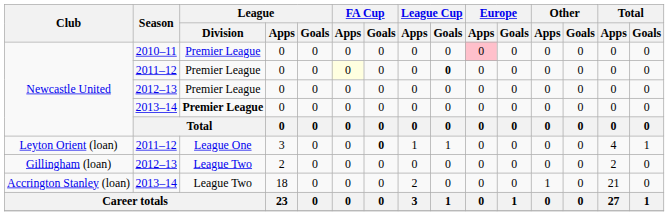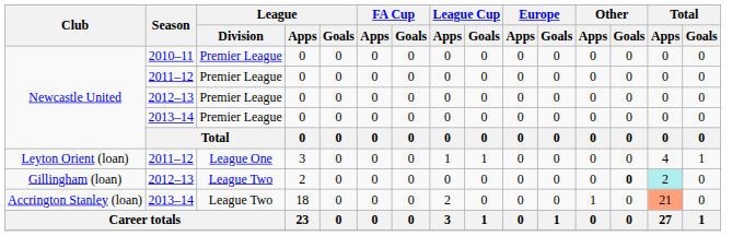 <table class="wikitable" style="text-align: center;">
 <tr>
 <th rowspan="2">Club</th>
 <th rowspan="2">Season</th>
 <th colspan="3">League</th>
 <th colspan="2"><a href='#'>FA Cup</a></th>
 <th colspan="2"><a href='#'>League Cup</a></th>
 <th colspan="2"><a href='#'>Europe</a></th>
 <th colspan="2">Other</th>
 <th colspan="2">Total</th>
 </tr>
 <tr>
 <th>Division</th>
 <th>Apps</th>
 <th>Goals</th>
 <th>Apps</th>
 <th>Goals</th>
 <th>Apps</th>
 <th>Goals</th>
 <th>Apps</th>
 <th>Goals</th>
 <th>Apps</th>
 <th>Goals</th>
 <th>Apps</th>
 <th>Goals</th>
 </tr>
 <tr>
 <td rowspan="5"><a href='#'>Newcastle United</a></td>
 <td><a href='#'>2010–11</a></td>
 <td><a href='#'>Premier League</a></td>
 <td>0</td>
 <td>0</td>
 <td>0</td>
 <td>0</td>
 <td>0</td>
 <td>0</td>
-<td style="background: pink;">0</td>
+<td>0</td>
 <td>0</td>
 <td>0</td>
 <td>0</td>
 <td>0</td>
 <td>0</td>
 </tr>
 <tr>
 <td><a href='#'>2011–12</a></td>
 <td>Premier League</td>
 <td>0</td>
 <td>0</td>
-<td style="background: lightyellow;">0</td>
 <td>0</td>
 <td>0</td>
-<td><strong>0</strong></td>
+<td>0</td>
+<td>0</td>
 <td>0</td>
 <td>0</td>
 <td>0</td>
 <td>0</td>
 <td>0</td>
 <td>0</td>
 </tr>
 <tr>
 <td><a href='#'>2012–13</a></td>
 <td>Premier League</td>
 <td>0</td>
 <td>0</td>
 <td>0</td>
 <td>0</td>
 <td>0</td>
 <td>0</td>
 <td>0</td>
 <td>0</td>
 <td>0</td>
 <td>0</td>
 <td>0</td>
 <td>0</td>
 </tr>
 <tr>
 <td><a href='#'>2013–14</a></td>
-<td><strong>Premier League</strong></td>
+<td>Premier League</td>
 <td>0</td>
 <td>0</td>
 <td>0</td>
 <td>0</td>
 <td>0</td>
 <td>0</td>
 <td>0</td>
 <td>0</td>
 <td>0</td>
 <td>0</td>
 <td>0</td>
 <td>0</td>
 </tr>
 <tr>
 <th colspan="2">Total</th>
 <th>0</th>
 <th>0</th>
 <th>0</th>
 <th>0</th>
 <th>0</th>
 <th>0</th>
 <th>0</th>
 <th>0</th>
 <th>0</th>
 <th>0</th>
 <th>0</th>
 <th>0</th>
 </tr>
 <tr>
 <td><a href='#'>Leyton Orient</a> (loan)</td>
 <td><a href='#'>2011–12</a></td>
 <td><a href='#'>League One</a></td>
 <td>3</td>
 <td>0</td>
 <td>0</td>
-<td><strong>0</strong></td>
+<td>0</td>
 <td>1</td>
 <td>1</td>
 <td>0</td>
 <td>0</td>
 <td>0</td>
 <td>0</td>
 <td>4</td>
 <td>1</td>
 </tr>
 <tr>
 <td><a href='#'>Gillingham</a> (loan)</td>
 <td><a href='#'>2012–13</a></td>
 <td><a href='#'>League Two</a></td>
 <td>2</td>
 <td>0</td>
 <td>0</td>
 <td>0</td>
 <td>0</td>
 <td>0</td>
 <td>0</td>
 <td>0</td>
 <td>0</td>
-<td>0</td>
-<td>2</td>
+<td><strong>0</strong></td>
+<td style="background: paleturquoise;">2</td>
 <td>0</td>
 </tr>
 <tr>
 <td><a href='#'>Accrington Stanley</a> (loan)</td>
 <td><a href='#'>2013–14</a></td>
 <td>League Two</td>
 <td>18</td>
 <td>0</td>
 <td>0</td>
 <td>0</td>
 <td>2</td>
 <td>0</td>
 <td>0</td>
 <td>0</td>
 <td>1</td>
 <td>0</td>
-<td>21</td>
+<td style="background: lightsalmon;">21</td>
 <td>0</td>
 </tr>
 <tr>
 <th colspan="3">Career totals</th>
 <th>23</th>
 <th>0</th>
 <th>0</th>
 <th>0</th>
 <th>3</th>
 <th>1</th>
 <th>0</th>
 <th>1</th>
 <th>0</th>
 <th>0</th>
 <th>27</th>
 <th>1</th>
 </tr>
 <tr>
 </tr>
 </table>
